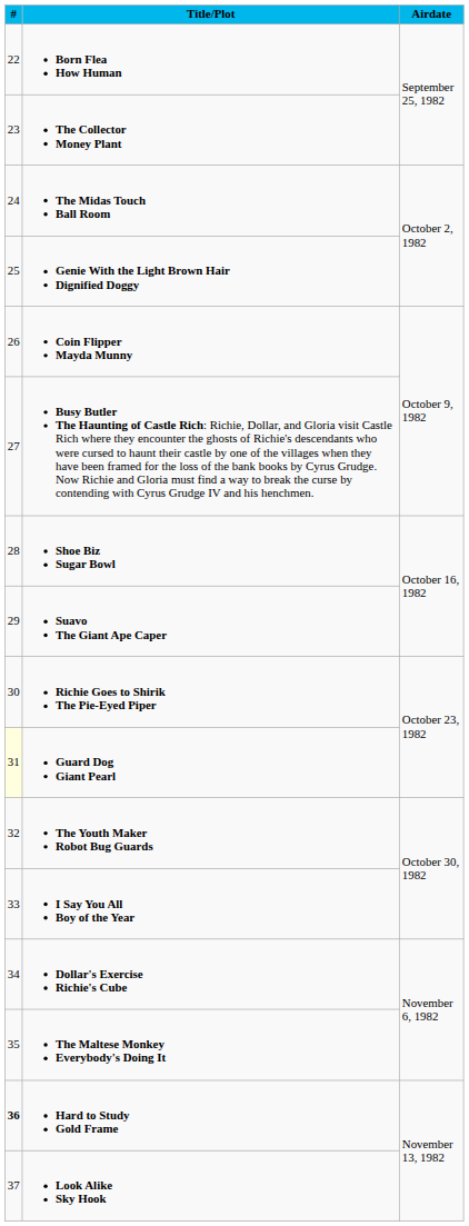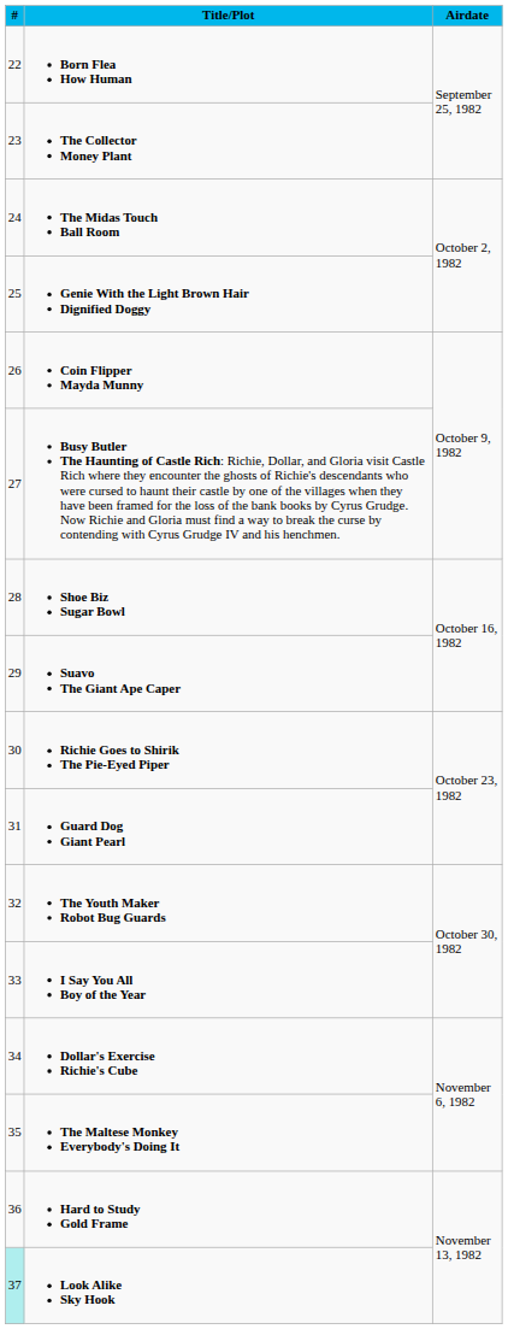 <table class="wikitable">
 <tr>
 <th style="background-color: #00B7EB" width=10>#</th>
 <th style="background-color: #00B7EB">Title/Plot</th>
 <th style="background-color: #00B7EB">Airdate</th>
 </tr>
 <tr>
 <td>22</td>
 <td><br><ul><li><strong>Born Flea</strong></li><li><strong>How Human</strong></li></ul></td>
 <td rowspan="2">September 25, 1982</td>
 </tr>
 <tr>
 <td>23</td>
 <td><br><ul><li><strong>The Collector</strong></li><li><strong>Money Plant</strong></li></ul></td>
 </tr>
 <tr>
 <td>24</td>
 <td><br><ul><li><strong>The Midas Touch</strong></li><li><strong>Ball Room</strong></li></ul></td>
 <td rowspan="2">October 2, 1982</td>
 </tr>
 <tr>
 <td>25</td>
 <td><br><ul><li><strong>Genie With the Light Brown Hair</strong></li><li><strong>Dignified Doggy</strong></li></ul></td>
 </tr>
 <tr>
 <td>26</td>
 <td><br><ul><li><strong>Coin Flipper</strong></li><li><strong>Mayda Munny</strong></li></ul></td>
 <td rowspan="2">October 9, 1982</td>
 </tr>
 <tr>
 <td>27</td>
 <td><br><ul><li><strong>Busy Butler</strong></li><li><strong>The Haunting of Castle Rich</strong>: Richie, Dollar, and Gloria visit Castle Rich where they encounter the ghosts of Richie's descendants who were cursed to haunt their castle by one of the villages when they have been framed for the loss of the bank books by Cyrus Grudge. Now Richie and Gloria must find a way to break the curse by contending with Cyrus Grudge IV and his henchmen.</li></ul></td>
 </tr>
 <tr>
 <td>28</td>
 <td><br><ul><li><strong>Shoe Biz</strong></li><li><strong>Sugar Bowl</strong></li></ul></td>
 <td rowspan="2">October 16, 1982</td>
 </tr>
 <tr>
 <td>29</td>
 <td><br><ul><li><strong>Suavo</strong></li><li><strong>The Giant Ape Caper</strong></li></ul></td>
 </tr>
 <tr>
 <td>30</td>
 <td><br><ul><li><strong>Richie Goes to Shirik</strong></li><li><strong>The Pie-Eyed Piper</strong></li></ul></td>
 <td rowspan="2">October 23, 1982</td>
 </tr>
 <tr>
-<td style="background: lightyellow;">31</td>
+<td>31</td>
 <td><br><ul><li><strong>Guard Dog</strong></li><li><strong>Giant Pearl</strong></li></ul></td>
 </tr>
 <tr>
 <td>32</td>
 <td><br><ul><li><strong>The Youth Maker</strong></li><li><strong>Robot Bug Guards</strong></li></ul></td>
 <td rowspan="2">October 30, 1982</td>
 </tr>
 <tr>
 <td>33</td>
 <td><br><ul><li><strong>I Say You All</strong></li><li><strong>Boy of the Year</strong></li></ul></td>
 </tr>
 <tr>
 <td>34</td>
 <td><br><ul><li><strong>Dollar's Exercise</strong></li><li><strong>Richie's Cube</strong></li></ul></td>
 <td rowspan="2">November 6, 1982</td>
 </tr>
 <tr>
 <td>35</td>
 <td><br><ul><li><strong>The Maltese Monkey</strong></li><li><strong>Everybody's Doing It</strong></li></ul></td>
 </tr>
 <tr>
-<td><strong>36</strong></td>
+<td>36</td>
 <td><br><ul><li><strong>Hard to Study</strong></li><li><strong>Gold Frame</strong></li></ul></td>
 <td rowspan="2">November 13, 1982</td>
 </tr>
 <tr>
-<td>37</td>
+<td style="background: paleturquoise;">37</td>
 <td><br><ul><li><strong>Look Alike</strong></li><li><strong>Sky Hook</strong></li></ul></td>
 </tr>
 </table>
